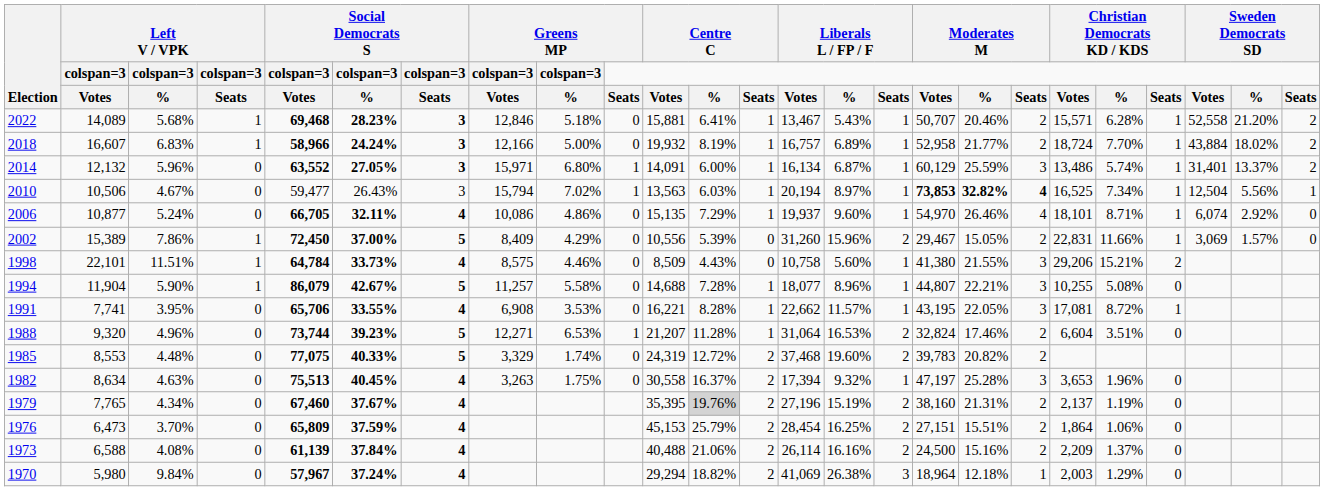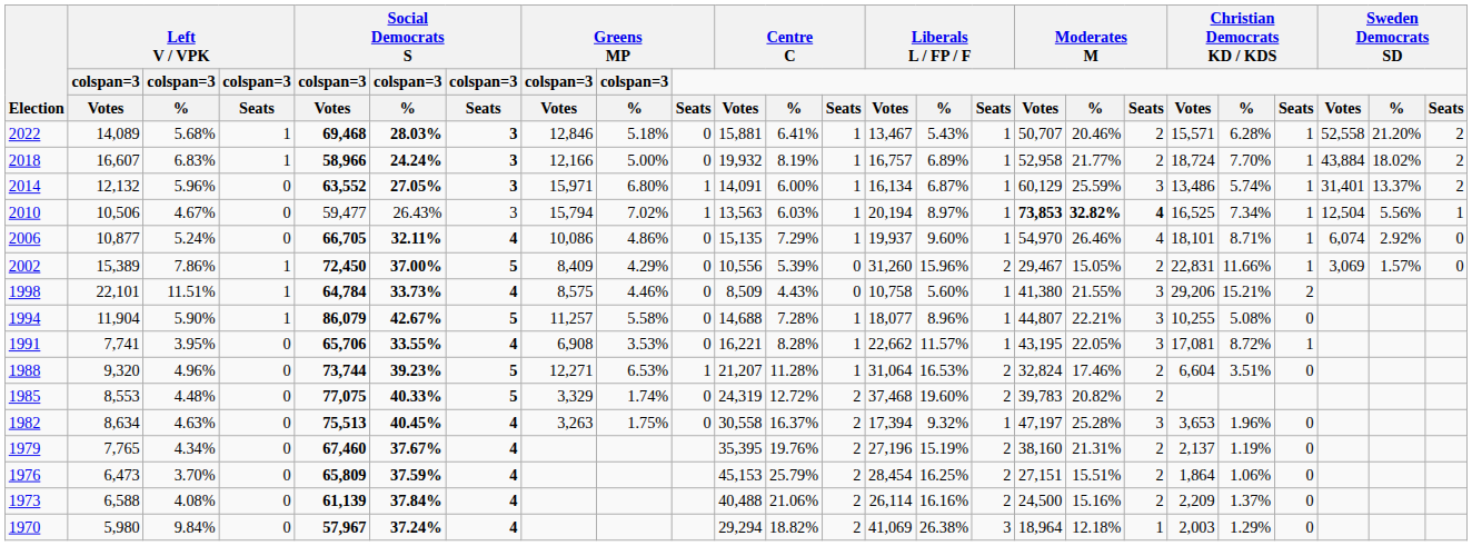 <table class="wikitable" border="1" style="font-size:95%; text-align:right;">
 <tr>
 <th style="text-align:left;" valign=bottom rowspan=3>Election</th>
 <th valign=bottom colspan=3><a href='#'>Left</a><br>V / VPK</th>
 <th valign=bottom colspan=3><a href='#'>Social<br>Democrats</a><br>S</th>
 <th valign=bottom colspan=3><a href='#'>Greens</a><br>MP</th>
 <th valign=bottom colspan=3><a href='#'>Centre</a><br>C</th>
 <th valign=bottom colspan=3><a href='#'>Liberals</a><br>L / FP / F</th>
 <th valign=bottom colspan=3><a href='#'>Moderates</a><br>M</th>
 <th valign=bottom colspan=3><a href='#'>Christian<br>Democrats</a><br>KD / KDS</th>
 <th valign=bottom colspan=3><a href='#'>Sweden<br>Democrats</a><br>SD</th>
 </tr>
 <tr>
 <th>colspan=3 </th>
 <th>colspan=3 </th>
 <th>colspan=3 </th>
 <th>colspan=3 </th>
 <th>colspan=3 </th>
 <th>colspan=3 </th>
 <th>colspan=3 </th>
 <th>colspan=3 </th>
 </tr>
 <tr>
 <th>Votes</th>
 <th>%</th>
 <th>Seats</th>
 <th>Votes</th>
 <th>%</th>
 <th>Seats</th>
 <th>Votes</th>
 <th>%</th>
 <th>Seats</th>
 <th>Votes</th>
 <th>%</th>
 <th>Seats</th>
 <th>Votes</th>
 <th>%</th>
 <th>Seats</th>
 <th>Votes</th>
 <th>%</th>
 <th>Seats</th>
 <th>Votes</th>
 <th>%</th>
 <th>Seats</th>
 <th>Votes</th>
 <th>%</th>
 <th>Seats</th>
 </tr>
 <tr>
 <td align=left><a href='#'>2022</a></td>
 <td>14,089</td>
 <td>5.68%</td>
 <td>1</td>
 <td><strong>69,468</strong></td>
-<td><strong>28.23%</strong></td>
+<td><strong>28.03%</strong></td>
 <td><strong>3</strong></td>
 <td>12,846</td>
 <td>5.18%</td>
 <td>0</td>
 <td>15,881</td>
 <td>6.41%</td>
 <td>1</td>
 <td>13,467</td>
 <td>5.43%</td>
 <td>1</td>
 <td>50,707</td>
 <td>20.46%</td>
 <td>2</td>
 <td>15,571</td>
 <td>6.28%</td>
 <td>1</td>
 <td>52,558</td>
 <td>21.20%</td>
 <td>2</td>
 </tr>
 <tr>
 <td align=left><a href='#'>2018</a></td>
 <td>16,607</td>
 <td>6.83%</td>
 <td>1</td>
 <td><strong>58,966</strong></td>
 <td><strong>24.24%</strong></td>
 <td><strong>3</strong></td>
 <td>12,166</td>
 <td>5.00%</td>
 <td>0</td>
 <td>19,932</td>
 <td>8.19%</td>
 <td>1</td>
 <td>16,757</td>
 <td>6.89%</td>
 <td>1</td>
 <td>52,958</td>
 <td>21.77%</td>
 <td>2</td>
 <td>18,724</td>
 <td>7.70%</td>
 <td>1</td>
 <td>43,884</td>
 <td>18.02%</td>
 <td>2</td>
 </tr>
 <tr>
 <td align=left><a href='#'>2014</a></td>
 <td>12,132</td>
 <td>5.96%</td>
 <td>0</td>
 <td><strong>63,552</strong></td>
 <td><strong>27.05%</strong></td>
 <td><strong>3</strong></td>
 <td>15,971</td>
 <td>6.80%</td>
 <td>1</td>
 <td>14,091</td>
 <td>6.00%</td>
 <td>1</td>
 <td>16,134</td>
 <td>6.87%</td>
 <td>1</td>
 <td>60,129</td>
 <td>25.59%</td>
 <td>3</td>
 <td>13,486</td>
 <td>5.74%</td>
 <td>1</td>
 <td>31,401</td>
 <td>13.37%</td>
 <td>2</td>
 </tr>
 <tr>
 <td align=left><a href='#'>2010</a></td>
 <td>10,506</td>
 <td>4.67%</td>
 <td>0</td>
 <td>59,477</td>
 <td>26.43%</td>
 <td>3</td>
 <td>15,794</td>
 <td>7.02%</td>
 <td>1</td>
 <td>13,563</td>
 <td>6.03%</td>
 <td>1</td>
 <td>20,194</td>
 <td>8.97%</td>
 <td>1</td>
 <td><strong>73,853</strong></td>
 <td><strong>32.82%</strong></td>
 <td><strong>4</strong></td>
 <td>16,525</td>
 <td>7.34%</td>
 <td>1</td>
 <td>12,504</td>
 <td>5.56%</td>
 <td>1</td>
 </tr>
 <tr>
 <td align=left><a href='#'>2006</a></td>
 <td>10,877</td>
 <td>5.24%</td>
 <td>0</td>
 <td><strong>66,705</strong></td>
 <td><strong>32.11%</strong></td>
 <td><strong>4</strong></td>
 <td>10,086</td>
 <td>4.86%</td>
 <td>0</td>
 <td>15,135</td>
 <td>7.29%</td>
 <td>1</td>
 <td>19,937</td>
 <td>9.60%</td>
 <td>1</td>
 <td>54,970</td>
 <td>26.46%</td>
 <td>4</td>
 <td>18,101</td>
 <td>8.71%</td>
 <td>1</td>
 <td>6,074</td>
 <td>2.92%</td>
 <td>0</td>
 </tr>
 <tr>
 <td align=left><a href='#'>2002</a></td>
 <td>15,389</td>
 <td>7.86%</td>
 <td>1</td>
 <td><strong>72,450</strong></td>
 <td><strong>37.00%</strong></td>
 <td><strong>5</strong></td>
 <td>8,409</td>
 <td>4.29%</td>
 <td>0</td>
 <td>10,556</td>
 <td>5.39%</td>
 <td>0</td>
 <td>31,260</td>
 <td>15.96%</td>
 <td>2</td>
 <td>29,467</td>
 <td>15.05%</td>
 <td>2</td>
 <td>22,831</td>
 <td>11.66%</td>
 <td>1</td>
 <td>3,069</td>
 <td>1.57%</td>
 <td>0</td>
 </tr>
 <tr>
 <td align=left><a href='#'>1998</a></td>
 <td>22,101</td>
 <td>11.51%</td>
 <td>1</td>
 <td><strong>64,784</strong></td>
 <td><strong>33.73%</strong></td>
 <td><strong>4</strong></td>
 <td>8,575</td>
 <td>4.46%</td>
 <td>0</td>
 <td>8,509</td>
 <td>4.43%</td>
 <td>0</td>
 <td>10,758</td>
 <td>5.60%</td>
 <td>1</td>
 <td>41,380</td>
 <td>21.55%</td>
 <td>3</td>
 <td>29,206</td>
 <td>15.21%</td>
 <td>2</td>
 <td></td>
 <td></td>
 <td></td>
 </tr>
 <tr>
 <td align=left><a href='#'>1994</a></td>
 <td>11,904</td>
 <td>5.90%</td>
 <td>1</td>
 <td><strong>86,079</strong></td>
 <td><strong>42.67%</strong></td>
 <td><strong>5</strong></td>
 <td>11,257</td>
 <td>5.58%</td>
 <td>0</td>
 <td>14,688</td>
 <td>7.28%</td>
 <td>1</td>
 <td>18,077</td>
 <td>8.96%</td>
 <td>1</td>
 <td>44,807</td>
 <td>22.21%</td>
 <td>3</td>
 <td>10,255</td>
 <td>5.08%</td>
 <td>0</td>
 <td></td>
 <td></td>
 <td></td>
 </tr>
 <tr>
 <td align=left><a href='#'>1991</a></td>
 <td>7,741</td>
 <td>3.95%</td>
 <td>0</td>
 <td><strong>65,706</strong></td>
 <td><strong>33.55%</strong></td>
 <td><strong>4</strong></td>
 <td>6,908</td>
 <td>3.53%</td>
 <td>0</td>
 <td>16,221</td>
 <td>8.28%</td>
 <td>1</td>
 <td>22,662</td>
 <td>11.57%</td>
 <td>1</td>
 <td>43,195</td>
 <td>22.05%</td>
 <td>3</td>
 <td>17,081</td>
 <td>8.72%</td>
 <td>1</td>
 <td></td>
 <td></td>
 <td></td>
 </tr>
 <tr>
 <td align=left><a href='#'>1988</a></td>
 <td>9,320</td>
 <td>4.96%</td>
 <td>0</td>
 <td><strong>73,744</strong></td>
 <td><strong>39.23%</strong></td>
 <td><strong>5</strong></td>
 <td>12,271</td>
 <td>6.53%</td>
 <td>1</td>
 <td>21,207</td>
 <td>11.28%</td>
 <td>1</td>
 <td>31,064</td>
 <td>16.53%</td>
 <td>2</td>
 <td>32,824</td>
 <td>17.46%</td>
 <td>2</td>
 <td>6,604</td>
 <td>3.51%</td>
 <td>0</td>
 <td></td>
 <td></td>
 <td></td>
 </tr>
 <tr>
 <td align=left><a href='#'>1985</a></td>
 <td>8,553</td>
 <td>4.48%</td>
 <td>0</td>
 <td><strong>77,075</strong></td>
 <td><strong>40.33%</strong></td>
 <td><strong>5</strong></td>
 <td>3,329</td>
 <td>1.74%</td>
 <td>0</td>
 <td>24,319</td>
 <td>12.72%</td>
 <td>2</td>
 <td>37,468</td>
 <td>19.60%</td>
 <td>2</td>
 <td>39,783</td>
 <td>20.82%</td>
 <td>2</td>
 <td></td>
 <td></td>
 <td></td>
 <td></td>
 <td></td>
 <td></td>
 </tr>
 <tr>
 <td align=left><a href='#'>1982</a></td>
 <td>8,634</td>
 <td>4.63%</td>
 <td>0</td>
 <td><strong>75,513</strong></td>
 <td><strong>40.45%</strong></td>
 <td><strong>4</strong></td>
 <td>3,263</td>
 <td>1.75%</td>
 <td>0</td>
 <td>30,558</td>
 <td>16.37%</td>
 <td>2</td>
 <td>17,394</td>
 <td>9.32%</td>
 <td>1</td>
 <td>47,197</td>
 <td>25.28%</td>
 <td>3</td>
 <td>3,653</td>
 <td>1.96%</td>
 <td>0</td>
 <td></td>
 <td></td>
 <td></td>
 </tr>
 <tr>
 <td align=left><a href='#'>1979</a></td>
 <td>7,765</td>
 <td>4.34%</td>
 <td>0</td>
 <td><strong>67,460</strong></td>
 <td><strong>37.67%</strong></td>
 <td><strong>4</strong></td>
 <td></td>
 <td></td>
 <td></td>
 <td>35,395</td>
-<td style="background: lightgrey;">19.76%</td>
+<td>19.76%</td>
 <td>2</td>
 <td>27,196</td>
 <td>15.19%</td>
 <td>2</td>
 <td>38,160</td>
 <td>21.31%</td>
 <td>2</td>
 <td>2,137</td>
 <td>1.19%</td>
 <td>0</td>
 <td></td>
 <td></td>
 <td></td>
 </tr>
 <tr>
 <td align=left><a href='#'>1976</a></td>
 <td>6,473</td>
 <td>3.70%</td>
 <td>0</td>
 <td><strong>65,809</strong></td>
 <td><strong>37.59%</strong></td>
 <td><strong>4</strong></td>
 <td></td>
 <td></td>
 <td></td>
 <td>45,153</td>
 <td>25.79%</td>
 <td>2</td>
 <td>28,454</td>
 <td>16.25%</td>
 <td>2</td>
 <td>27,151</td>
 <td>15.51%</td>
 <td>2</td>
 <td>1,864</td>
 <td>1.06%</td>
 <td>0</td>
 <td></td>
 <td></td>
 <td></td>
 </tr>
 <tr>
 <td align=left><a href='#'>1973</a></td>
 <td>6,588</td>
 <td>4.08%</td>
 <td>0</td>
 <td><strong>61,139</strong></td>
 <td><strong>37.84%</strong></td>
 <td><strong>4</strong></td>
 <td></td>
 <td></td>
 <td></td>
 <td>40,488</td>
 <td>21.06%</td>
 <td>2</td>
 <td>26,114</td>
 <td>16.16%</td>
 <td>2</td>
 <td>24,500</td>
 <td>15.16%</td>
 <td>2</td>
 <td>2,209</td>
 <td>1.37%</td>
 <td>0</td>
 <td></td>
 <td></td>
 <td></td>
 </tr>
 <tr>
 <td align=left><a href='#'>1970</a></td>
 <td>5,980</td>
 <td>9.84%</td>
 <td>0</td>
 <td><strong>57,967</strong></td>
 <td><strong>37.24%</strong></td>
 <td><strong>4</strong></td>
 <td></td>
 <td></td>
 <td></td>
 <td>29,294</td>
 <td>18.82%</td>
 <td>2</td>
 <td>41,069</td>
 <td>26.38%</td>
 <td>3</td>
 <td>18,964</td>
 <td>12.18%</td>
 <td>1</td>
 <td>2,003</td>
 <td>1.29%</td>
 <td>0</td>
 <td></td>
 <td></td>
 <td></td>
 </tr>
 </table>
